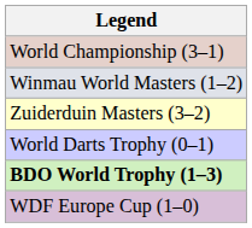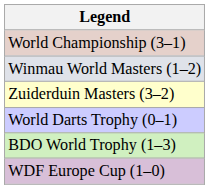 <table class="wikitable">
 <tr>
 <th>Legend</th>
 </tr>
 <tr style="background:#e5d1cb;">
 <td>World Championship (3–1)</td>
 </tr>
 <tr style="background:#dfe2e9;">
 <td>Winmau World Masters (1–2)</td>
 </tr>
 <tr style="background:#ffc;">
 <td>Zuiderduin Masters (3–2)</td>
 </tr>
 <tr style="background:#ccf;">
 <td>World Darts Trophy (0–1)</td>
 </tr>
 <tr style="background:#d0f0c0;">
-<td><strong>BDO World Trophy (1–3)</strong></td>
+<td>BDO World Trophy (1–3)</td>
 </tr>
 <tr style="background:thistle">
 <td>WDF Europe Cup (1–0)</td>
 </tr>
 </table>
